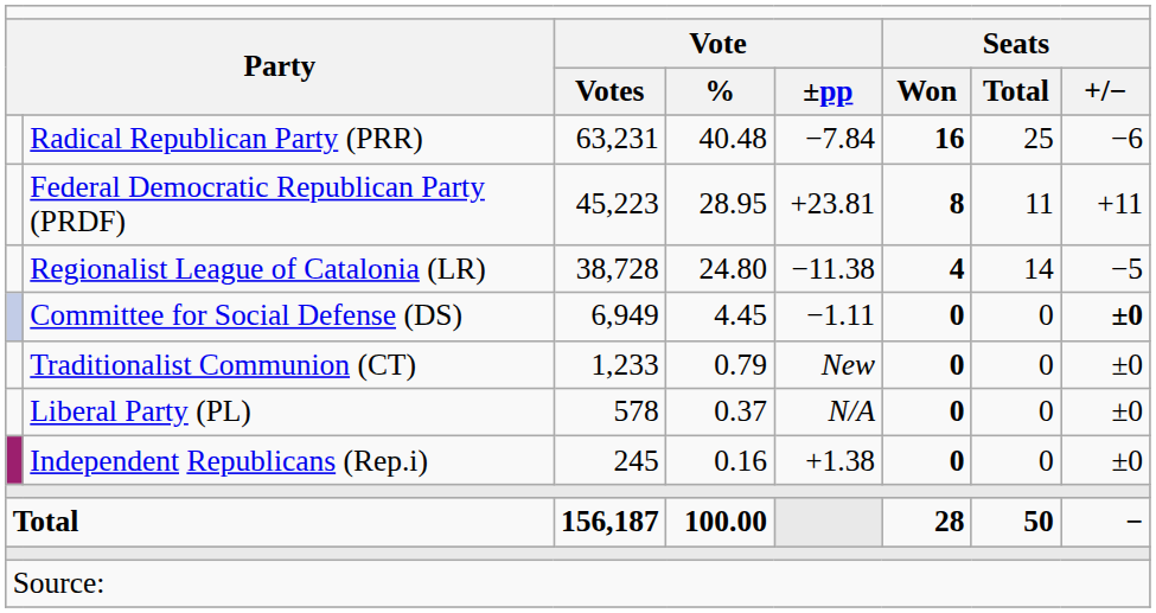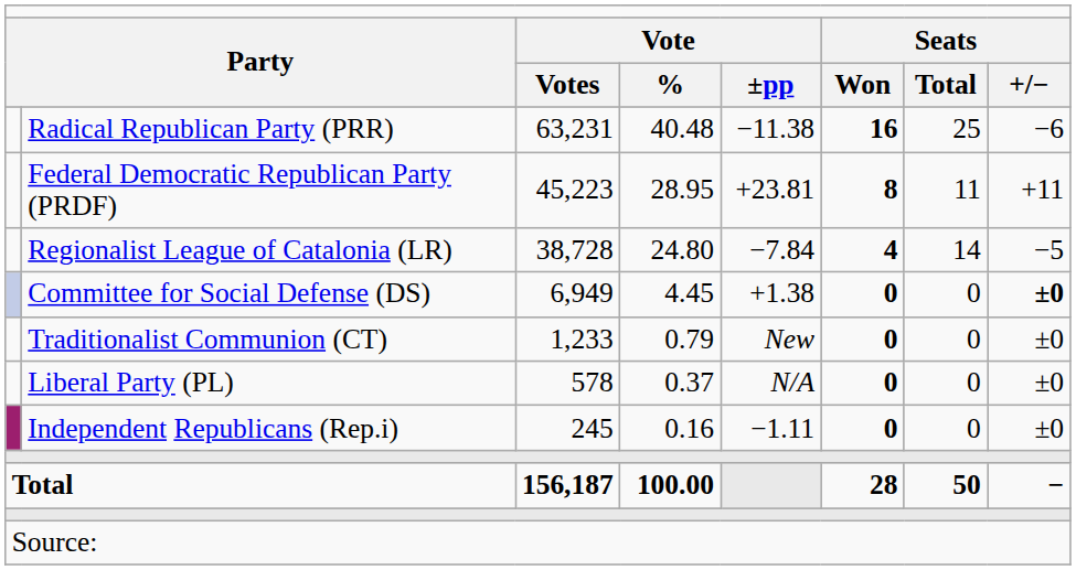 <table class='wikitable' style='text-align:right; font-size:100%;'>
 <tr>
 <td colspan='8'></td>
 </tr>
 <tr bgcolor='#E9E9E9' align='center'>
 <th align='left' rowspan='2' colspan='2' width='450'>Party</th>
 <th colspan='3'>Vote</th>
 <th colspan='3'>Seats</th>
 </tr>
 <tr bgcolor='#E9E9E9' align='center'>
 <th width='50'>Votes</th>
 <th width='50'>%</th>
 <th width='50'>±<a href='#'>pp</a></th>
 <th width='40'>Won</th>
 <th width='40'>Total</th>
 <th width='40'>+/−</th>
 </tr>
 <tr>
 <td></td>
 <td align='left'><a href='#'>Radical Republican Party</a> (PRR)</td>
 <td>63,231</td>
 <td>40.48</td>
-<td>−7.84</td>
+<td>−11.38</td>
 <td><strong>16</strong></td>
 <td>25</td>
 <td>−6</td>
 </tr>
 <tr>
 <td></td>
 <td align='left'><a href='#'>Federal Democratic Republican Party</a> (PRDF)</td>
 <td>45,223</td>
 <td>28.95</td>
 <td>+23.81</td>
 <td><strong>8</strong></td>
 <td>11</td>
 <td>+11</td>
 </tr>
 <tr>
 <td></td>
 <td align='left'><a href='#'>Regionalist League of Catalonia</a> (LR)</td>
 <td>38,728</td>
 <td>24.80</td>
-<td>−11.38</td>
+<td>−7.84</td>
 <td><strong>4</strong></td>
 <td>14</td>
 <td>−5</td>
 </tr>
 <tr>
 <td bgcolor='#C2CCE7'></td>
 <td align='left'><a href='#'>Committee for Social Defense</a> (DS)</td>
 <td>6,949</td>
 <td>4.45</td>
-<td>−1.11</td>
+<td>+1.38</td>
 <td><strong>0</strong></td>
 <td>0</td>
 <td><strong>±0</strong></td>
 </tr>
 <tr>
 <td></td>
 <td align='left'><a href='#'>Traditionalist Communion</a> (CT)</td>
 <td>1,233</td>
 <td>0.79</td>
 <td><em>New</em></td>
 <td><strong>0</strong></td>
 <td>0</td>
 <td>±0</td>
 </tr>
 <tr>
 <td></td>
 <td align='left'><a href='#'>Liberal Party</a> (PL)</td>
 <td>578</td>
 <td>0.37</td>
 <td><em>N/A</em></td>
 <td><strong>0</strong></td>
 <td>0</td>
 <td>±0</td>
 </tr>
 <tr>
 <td bgcolor='#9C1F6E'></td>
 <td align='left'><a href='#'>Independent</a> <a href='#'>Republicans</a> (Rep.i)</td>
 <td>245</td>
 <td>0.16</td>
-<td>+1.38</td>
+<td>−1.11</td>
 <td><strong>0</strong></td>
 <td>0</td>
 <td>±0</td>
 </tr>
 <tr>
 <td colspan='8' bgcolor='#E9E9E9'></td>
 </tr>
 <tr style='font-weight:bold;'>
 <td align='left' colspan='2'>Total</td>
 <td>156,187</td>
 <td>100.00</td>
 <td bgcolor='#E9E9E9'></td>
 <td>28</td>
 <td>50</td>
 <td>−</td>
 </tr>
 <tr>
 <td colspan='8' bgcolor='#E9E9E9'></td>
 </tr>
 <tr>
 <td align='left' colspan='8'>Source:</td>
 </tr>
 </table>
